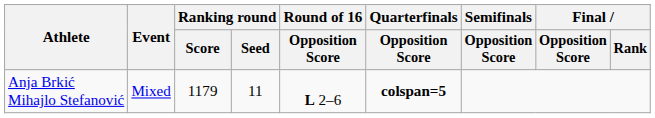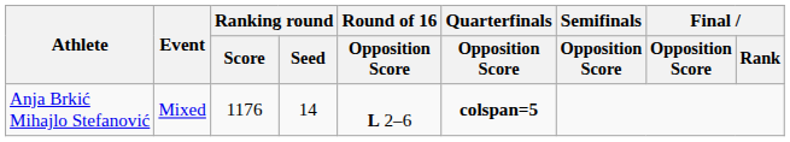 <table class="wikitable" style="font-size:90%">
 <tr>
 <th rowspan=2>Athlete</th>
 <th rowspan=2>Event</th>
 <th colspan=2>Ranking round</th>
 <th>Round of 16</th>
 <th>Quarterfinals</th>
 <th>Semifinals</th>
 <th colspan=2>Final / </th>
 </tr>
 <tr style="font-size:95%">
 <th>Score</th>
 <th>Seed</th>
 <th>Opposition<br>Score</th>
 <th>Opposition<br>Score</th>
 <th>Opposition<br>Score</th>
 <th>Opposition<br>Score</th>
 <th>Rank</th>
 </tr>
 <tr align=center>
 <td align=left><a href='#'>Anja Brkić</a><br><a href='#'>Mihajlo Stefanović</a></td>
 <td align=left><a href='#'>Mixed</a></td>
-<td>1179</td>
-<td>11</td>
+<td>1176</td>
+<td>14</td>
 <td><br><strong>L</strong> 2–6</td>
 <td><strong>colspan=5 </strong></td>
 </tr>
 </table>
